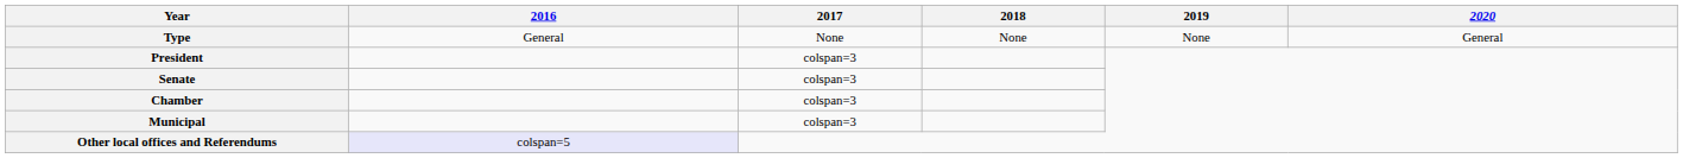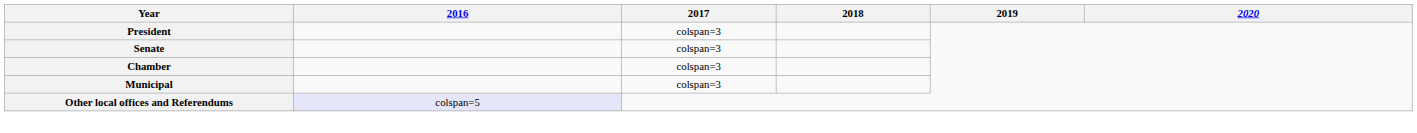 <table class="wikitable" style="font-size:95%; width:100%; margin:0 auto 15px; text-align:center;">
 <tr>
 <th width="15%">Year</th>
 <th width="17%"><a href='#'>2016</a></th>
 <th width="8%">2017</th>
 <th width="8%">2018</th>
 <th width="8%">2019</th>
 <th width="17%"><em><a href='#'>2020</a></em></th>
-</tr>
-<tr>
-<th>Type</th>
-<td style="align:center">General</td>
-<td style="align:center">None</td>
-<td style="align:center">None</td>
-<td style="align:center">None</td>
-<td style="align:center">General</td>
 </tr>
 <tr>
 <th>President</th>
 <td></td>
 <td>colspan=3 </td>
 <td></td>
 </tr>
 <tr>
 <th>Senate</th>
 <td></td>
 <td>colspan=3 </td>
 <td></td>
 </tr>
 <tr>
 <th>Chamber</th>
 <td></td>
 <td>colspan=3 </td>
 <td></td>
 </tr>
 <tr>
 <th>Municipal</th>
 <td></td>
 <td>colspan=3 </td>
 <td></td>
 </tr>
 <tr>
 <th>Other local offices and Referendums</th>
 <td style="background: lavender;">colspan=5 </td>
 </tr>
 </table>
